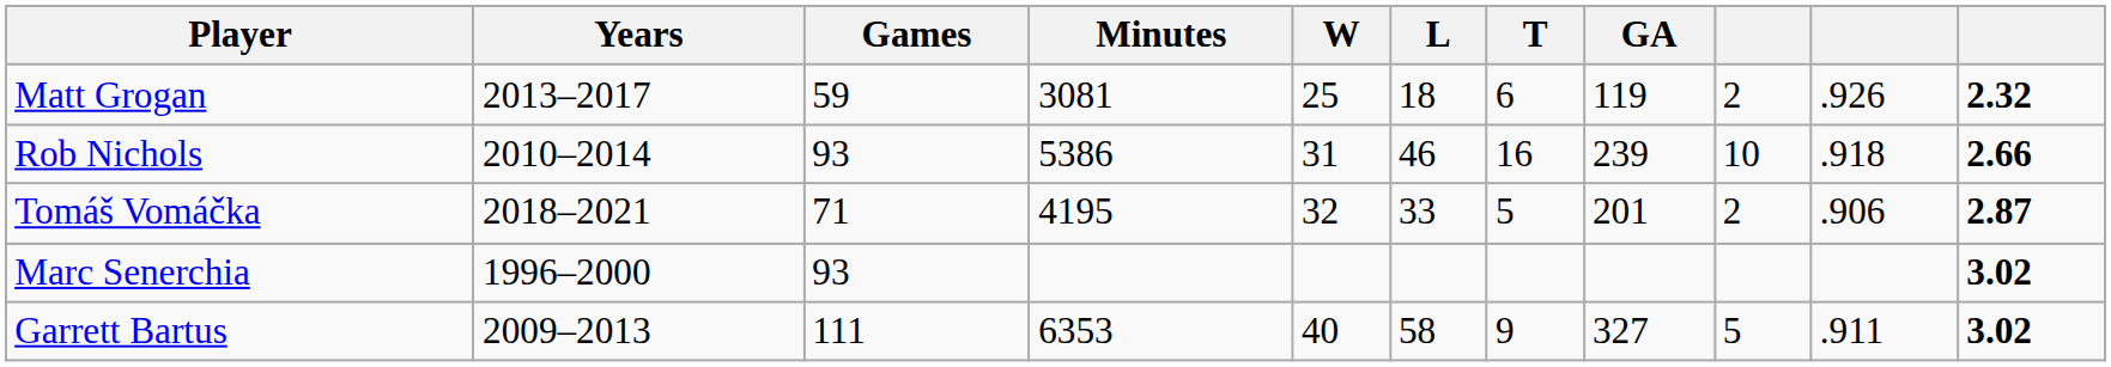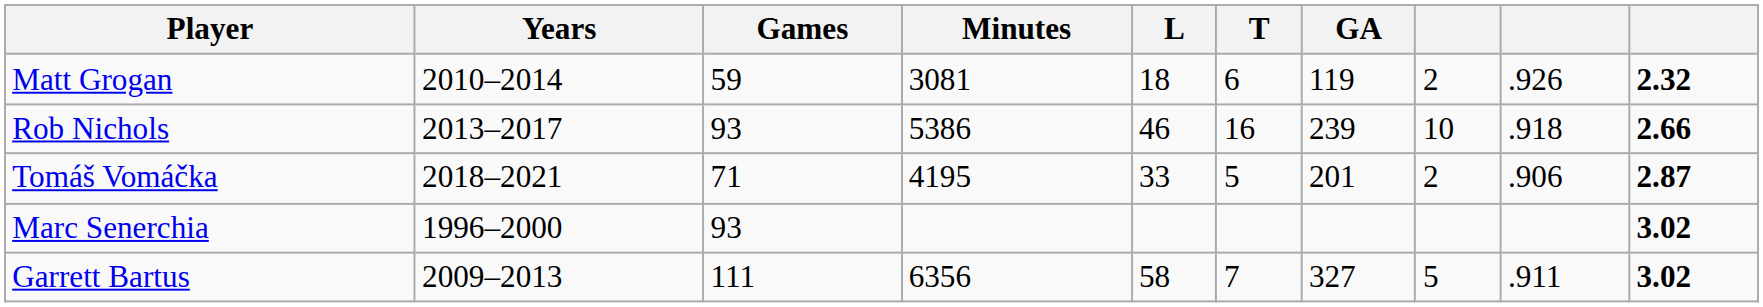 <table class="wikitable sortable" style="width:900px;">
 <tr>
 <th><strong>Player</strong></th>
 <th><strong>Years</strong></th>
 <th><strong>Games</strong></th>
 <th><strong>Minutes</strong></th>
-<th><strong>W</strong></th>
 <th><strong>L</strong></th>
 <th><strong>T</strong></th>
 <th><strong>GA</strong></th>
 <th><strong><a href='#'></a></strong></th>
 <th><strong><a href='#'></a></strong></th>
 <th><strong><a href='#'></a></strong></th>
 </tr>
 <tr>
 <td><a href='#'>Matt Grogan</a></td>
-<td>2013–2017</td>
+<td>2010–2014</td>
 <td>59</td>
 <td>3081</td>
-<td>25</td>
 <td>18</td>
 <td>6</td>
 <td>119</td>
 <td>2</td>
 <td>.926</td>
 <td><strong>2.32</strong></td>
 </tr>
 <tr>
 <td><a href='#'>Rob Nichols</a></td>
-<td>2010–2014</td>
+<td>2013–2017</td>
 <td>93</td>
 <td>5386</td>
-<td>31</td>
 <td>46</td>
 <td>16</td>
 <td>239</td>
 <td>10</td>
 <td>.918</td>
 <td><strong>2.66</strong></td>
 </tr>
 <tr>
 <td><a href='#'>Tomáš Vomáčka</a></td>
 <td>2018–2021</td>
 <td>71</td>
 <td>4195</td>
-<td>32</td>
 <td>33</td>
 <td>5</td>
 <td>201</td>
 <td>2</td>
 <td>.906</td>
 <td><strong>2.87</strong></td>
 </tr>
 <tr>
 <td><a href='#'>Marc Senerchia</a></td>
 <td>1996–2000</td>
 <td>93</td>
 <td></td>
 <td></td>
 <td></td>
 <td></td>
 <td></td>
 <td></td>
-<td></td>
 <td><strong>3.02</strong></td>
 </tr>
 <tr>
 <td><a href='#'>Garrett Bartus</a></td>
 <td>2009–2013</td>
 <td>111</td>
-<td>6353</td>
-<td>40</td>
+<td>6356</td>
 <td>58</td>
-<td>9</td>
+<td>7</td>
 <td>327</td>
 <td>5</td>
 <td>.911</td>
 <td><strong>3.02</strong></td>
 </tr>
 </table>
